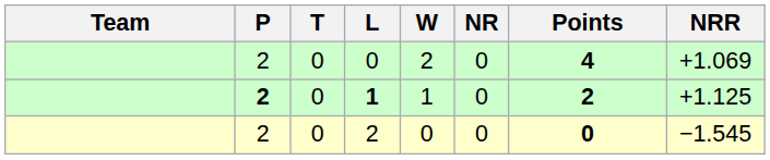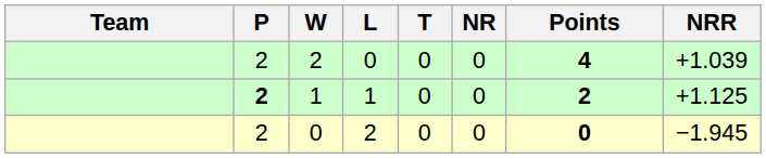 <table class="wikitable" style="text-align:center;">
 <tr>
 <th width=150>Team</th>
 <th width=30 abbr="Played">P</th>
+<th width=30 abbr="Won">W</th>
+<th width=30 abbr="Lost">L</th>
 <th width=30 abbr="Tied">T</th>
-<th width=30 abbr="Lost">L</th>
-<th width=30 abbr="Won">W</th>
 <th width=30 abbr="No result">NR</th>
 <th width=100 abbr="Points">Points</th>
 <th width=60 abbr="Net run rate">NRR</th>
 </tr>
 <tr style="background: #ccffcc;">
 <td align="left"></td>
 <td>2</td>
+<td>2</td>
 <td>0</td>
 <td>0</td>
-<td>2</td>
 <td>0</td>
 <td><strong>4</strong></td>
-<td>+1.069</td>
+<td>+1.039</td>
 </tr>
 <tr style="background: #ccffcc;">
 <td align="left"></td>
 <td><strong>2</strong></td>
+<td>1</td>
+<td>1</td>
 <td>0</td>
-<td><strong>1</strong></td>
-<td>1</td>
 <td>0</td>
 <td><strong>2</strong></td>
 <td>+1.125</td>
 </tr>
 <tr style="background: #ffffcc;">
 <td align="left"></td>
 <td>2</td>
 <td>0</td>
 <td>2</td>
 <td>0</td>
 <td>0</td>
 <td><strong>0</strong></td>
-<td>−1.545</td>
+<td>−1.945</td>
 </tr>
 </table>
